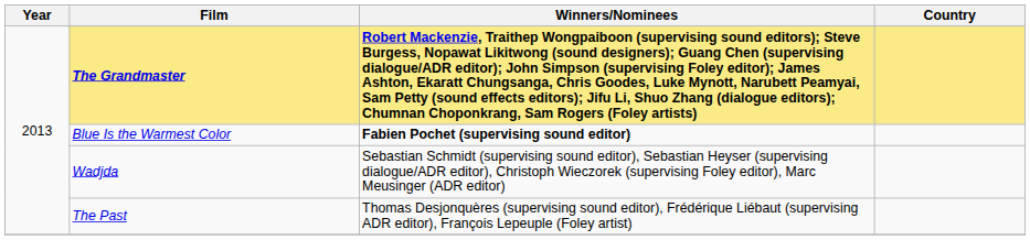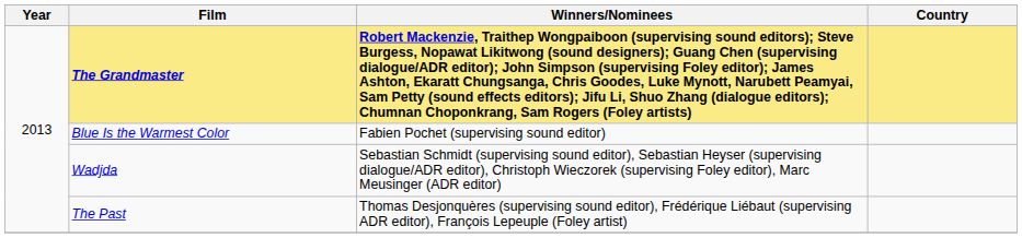 <table class="wikitable" width="95%" cellpadding="5">
 <tr>
 <th width="6%">Year</th>
 <th width="27%">Film</th>
 <th width="48%">Winners/Nominees</th>
 <th width="14%">Country</th>
 </tr>
 <tr>
 <td rowspan=4 style="text-align:center">2013<br></td>
 <td style="background:#FAEB86;"><strong><em><a href='#'>The Grandmaster</a></em></strong></td>
 <td style="background:#FAEB86;"><strong><a href='#'>Robert Mackenzie</a>, Traithep Wongpaiboon (supervising sound editors); Steve Burgess, Nopawat Likitwong (sound designers); Guang Chen (supervising dialogue/ADR editor); John Simpson (supervising Foley editor); James Ashton, Ekaratt Chungsanga, Chris Goodes, Luke Mynott, Narubett Peamyai, Sam Petty (sound effects editors); Jifu Li, Shuo Zhang (dialogue editors); Chumnan Choponkrang, Sam Rogers (Foley artists)</strong></td>
 <td style="background:#FAEB86;"><strong><br></strong></td>
 </tr>
 <tr>
 <td><em><a href='#'>Blue Is the Warmest Color</a></em></td>
-<td><strong>Fabien Pochet (supervising sound editor)</strong></td>
+<td>Fabien Pochet (supervising sound editor)</td>
 <td></td>
 </tr>
 <tr>
 <td><em><a href='#'>Wadjda</a></em></td>
 <td>Sebastian Schmidt (supervising sound editor), Sebastian Heyser (supervising dialogue/ADR editor), Christoph Wieczorek (supervising Foley editor), Marc Meusinger (ADR editor)</td>
 <td></td>
 </tr>
 <tr>
 <td><em><a href='#'>The Past</a></em></td>
 <td>Thomas Desjonquères (supervising sound editor), Frédérique Liébaut (supervising ADR editor), François Lepeuple (Foley artist)</td>
 <td><br><br></td>
 </tr>
 <tr>
 </tr>
 </table>
